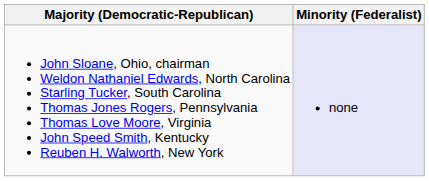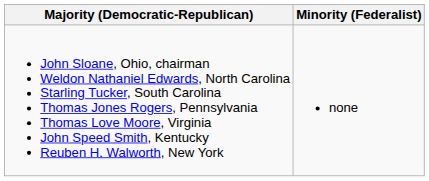 <table class=wikitable>
 <tr>
 <th>Majority (Democratic-Republican)</th>
 <th>Minority (Federalist)</th>
 </tr>
 <tr>
 <td><br><ul><li><a href='#'>John Sloane</a>, Ohio, chairman</li><li><a href='#'>Weldon Nathaniel Edwards</a>, North Carolina</li><li><a href='#'>Starling Tucker</a>, South Carolina</li><li><a href='#'>Thomas Jones Rogers</a>, Pennsylvania</li><li><a href='#'>Thomas Love Moore</a>, Virginia</li><li><a href='#'>John Speed Smith</a>, Kentucky</li><li><a href='#'>Reuben H. Walworth</a>, New York</li></ul></td>
-<td style="background: lavender;"><br><ul><li>none</li></ul></td>
+<td><br><ul><li>none</li></ul></td>
 </tr>
 </table>
